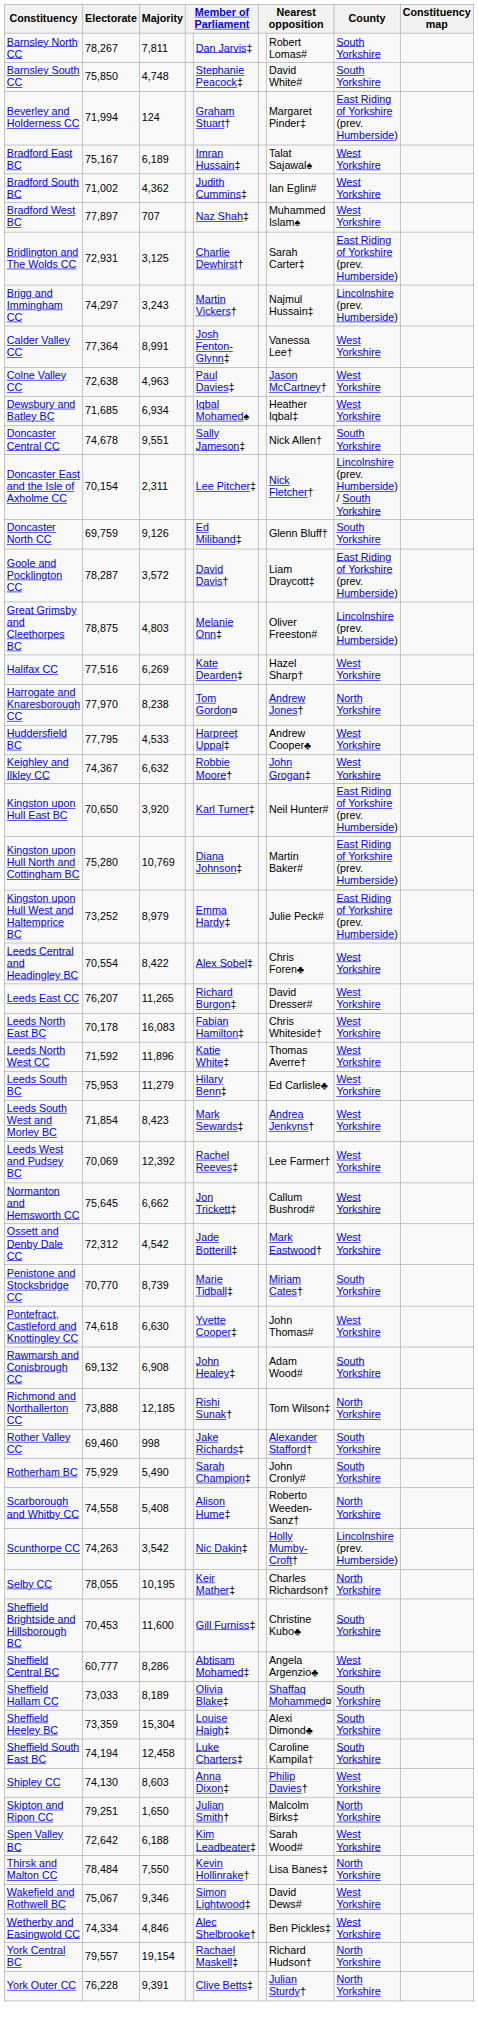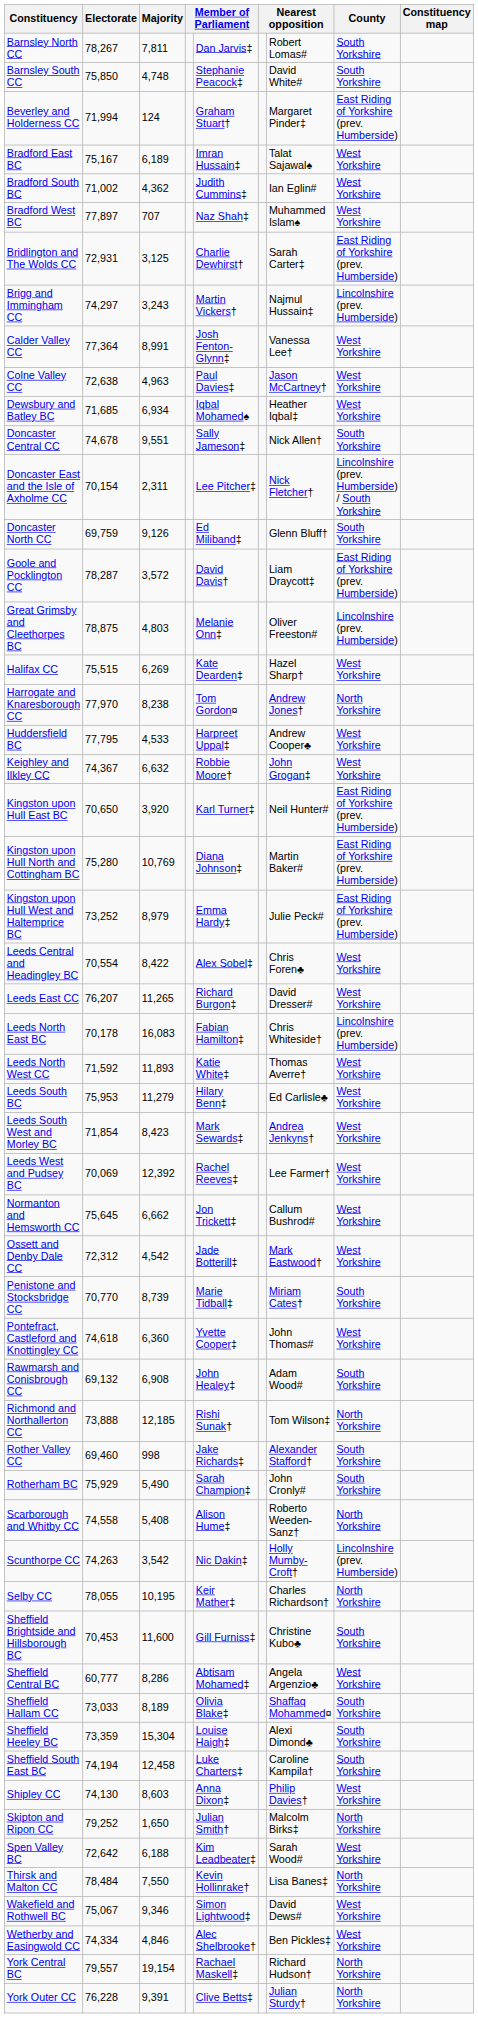 <table class="wikitable sortable">
 <tr>
 <th rowspan="1">Constituency </th>
 <th rowspan="1">Electorate</th>
 <th rowspan="1">Majority</th>
 <th colspan="2" class="unsortable"><a href='#'>Member of Parliament</a></th>
 <th colspan="2" class="unsortable">Nearest opposition</th>
 <th rowspan="1">County</th>
 <th rowspan="1" class="unsortable">Constituency map</th>
 </tr>
 <tr>
 <td><a href='#'>Barnsley North CC</a></td>
 <td>78,267</td>
 <td>7,811</td>
 <td style="color:inherit;background:"> </td>
 <td><a href='#'>Dan Jarvis</a>‡</td>
 <td style="color:inherit;background:"> </td>
 <td>Robert Lomas#</td>
 <td><a href='#'>South Yorkshire</a></td>
 <td></td>
 </tr>
 <tr>
 <td><a href='#'>Barnsley South CC</a></td>
 <td>75,850</td>
 <td>4,748</td>
 <td style="color:inherit;background:"> </td>
 <td><a href='#'>Stephanie Peacock</a>‡</td>
 <td style="color:inherit;background:"> </td>
 <td>David White#</td>
 <td><a href='#'>South Yorkshire</a></td>
 <td></td>
 </tr>
 <tr>
 <td><a href='#'>Beverley and Holderness CC</a></td>
 <td>71,994</td>
 <td>124</td>
 <td style="color:inherit;background:"> </td>
 <td><a href='#'>Graham Stuart</a>†</td>
 <td style="color:inherit;background:"> </td>
 <td>Margaret Pinder‡</td>
 <td><a href='#'>East Riding of Yorkshire</a> (prev. <a href='#'>Humberside</a>)</td>
 <td></td>
 </tr>
 <tr>
 <td><a href='#'>Bradford East BC</a></td>
 <td>75,167</td>
 <td>6,189</td>
 <td style="color:inherit;background:"></td>
 <td><a href='#'>Imran Hussain</a>‡</td>
 <td style="color:inherit;background:"></td>
 <td>Talat Sajawal♠</td>
 <td><a href='#'>West Yorkshire</a></td>
 <td></td>
 </tr>
 <tr>
 <td><a href='#'>Bradford South BC</a></td>
 <td>71,002</td>
 <td>4,362</td>
 <td style="color:inherit;background:"></td>
 <td><a href='#'>Judith Cummins</a>‡</td>
 <td style="color:inherit;background:"> </td>
 <td>Ian Eglin#</td>
 <td><a href='#'>West Yorkshire</a></td>
 <td></td>
 </tr>
 <tr>
 <td><a href='#'>Bradford West BC</a></td>
 <td>77,897</td>
 <td>707</td>
 <td style="color:inherit;background:"></td>
 <td><a href='#'>Naz Shah</a>‡</td>
 <td style="color:inherit;background:"></td>
 <td>Muhammed Islam♠</td>
 <td><a href='#'>West Yorkshire</a></td>
 <td></td>
 </tr>
 <tr>
 <td><a href='#'>Bridlington and The Wolds CC</a></td>
 <td>72,931</td>
 <td>3,125</td>
 <td style="color:inherit;background:"> </td>
 <td><a href='#'>Charlie Dewhirst</a>†</td>
 <td style="color:inherit;background:"> </td>
 <td>Sarah Carter‡</td>
 <td><a href='#'>East Riding of Yorkshire</a> (prev. <a href='#'>Humberside</a>)</td>
 <td></td>
 </tr>
 <tr>
 <td><a href='#'>Brigg and Immingham CC</a></td>
 <td>74,297</td>
 <td>3,243</td>
 <td style="color:inherit;background:"> </td>
 <td><a href='#'>Martin Vickers</a>†</td>
 <td style="color:inherit;background:"> </td>
 <td>Najmul Hussain‡</td>
 <td><a href='#'>Lincolnshire</a> (prev. <a href='#'>Humberside</a>)</td>
 <td></td>
 </tr>
 <tr>
 <td><a href='#'>Calder Valley CC</a></td>
 <td>77,364</td>
 <td>8,991</td>
 <td style="color:inherit;background:"></td>
 <td><a href='#'>Josh Fenton-Glynn</a>‡</td>
 <td style="color:inherit;background:"></td>
 <td>Vanessa Lee†</td>
 <td><a href='#'>West Yorkshire</a></td>
 <td></td>
 </tr>
 <tr>
 <td><a href='#'>Colne Valley CC</a></td>
 <td>72,638</td>
 <td>4,963</td>
 <td style="color:inherit;background:"></td>
 <td><a href='#'>Paul Davies</a>‡</td>
 <td style="color:inherit;background:"></td>
 <td><a href='#'>Jason McCartney</a>†</td>
 <td><a href='#'>West Yorkshire</a></td>
 <td></td>
 </tr>
 <tr>
 <td><a href='#'>Dewsbury and Batley BC</a></td>
 <td>71,685</td>
 <td>6,934</td>
 <td style="color:inherit;background:"></td>
 <td><a href='#'>Iqbal Mohamed</a>♠</td>
 <td style="color:inherit;background:"></td>
 <td>Heather Iqbal‡</td>
 <td><a href='#'>West Yorkshire</a></td>
 <td></td>
 </tr>
 <tr>
 <td><a href='#'>Doncaster Central CC</a></td>
 <td>74,678</td>
 <td>9,551</td>
 <td style="color:inherit;background:"> </td>
 <td><a href='#'>Sally Jameson</a>‡</td>
 <td style="color:inherit;background:"> </td>
 <td>Nick Allen†</td>
 <td><a href='#'>South Yorkshire</a></td>
 <td></td>
 </tr>
 <tr>
 <td><a href='#'>Doncaster East and the Isle of Axholme CC</a></td>
 <td>70,154</td>
 <td>2,311</td>
 <td style="color:inherit;background:"> </td>
 <td><a href='#'>Lee Pitcher</a>‡</td>
 <td style="color:inherit;background:"> </td>
 <td><a href='#'>Nick Fletcher</a>†</td>
 <td><a href='#'>Lincolnshire</a> (prev. <a href='#'>Humberside</a>) / <a href='#'>South Yorkshire</a></td>
 <td></td>
 </tr>
 <tr>
 <td><a href='#'>Doncaster North CC</a></td>
 <td>69,759</td>
 <td>9,126</td>
 <td style="color:inherit;background:"> </td>
 <td><a href='#'>Ed Miliband</a>‡</td>
 <td style="color:inherit;background:"> </td>
 <td>Glenn Bluff†</td>
 <td><a href='#'>South Yorkshire</a></td>
 <td></td>
 </tr>
 <tr>
 <td><a href='#'>Goole and Pocklington CC</a></td>
 <td>78,287</td>
 <td>3,572</td>
 <td style="color:inherit;background:"> </td>
 <td><a href='#'>David Davis</a>†</td>
 <td style="color:inherit;background:"> </td>
 <td>Liam Draycott‡</td>
 <td><a href='#'>East Riding of Yorkshire</a> (prev. <a href='#'>Humberside</a>)</td>
 <td></td>
 </tr>
 <tr>
 <td><a href='#'>Great Grimsby and Cleethorpes BC</a></td>
 <td>78,875</td>
 <td>4,803</td>
 <td style="color:inherit;background:"> </td>
 <td><a href='#'>Melanie Onn</a>‡</td>
 <td style="color:inherit;background:"> </td>
 <td>Oliver Freeston#</td>
 <td><a href='#'>Lincolnshire</a> (prev. <a href='#'>Humberside</a>)</td>
 <td></td>
 </tr>
 <tr>
 <td><a href='#'>Halifax CC</a></td>
-<td>77,516</td>
+<td>75,515</td>
 <td>6,269</td>
 <td style="color:inherit;background:"></td>
 <td><a href='#'>Kate Dearden</a>‡</td>
 <td style="color:inherit;background:"></td>
 <td>Hazel Sharp†</td>
 <td><a href='#'>West Yorkshire</a></td>
 <td></td>
 </tr>
 <tr>
 <td><a href='#'>Harrogate and Knaresborough CC</a></td>
 <td>77,970</td>
 <td>8,238</td>
 <td style="color:inherit;background:"> </td>
 <td><a href='#'>Tom Gordon</a>¤</td>
 <td style="color:inherit;background:"> </td>
 <td><a href='#'>Andrew Jones</a>†</td>
 <td><a href='#'>North Yorkshire</a></td>
 <td></td>
 </tr>
 <tr>
 <td><a href='#'>Huddersfield BC</a></td>
 <td>77,795</td>
 <td>4,533</td>
 <td style="color:inherit;background:"> </td>
 <td><a href='#'>Harpreet Uppal</a>‡</td>
 <td style="color:inherit;background:"> </td>
 <td>Andrew Cooper♣</td>
 <td><a href='#'>West Yorkshire</a></td>
 <td></td>
 </tr>
 <tr>
 <td><a href='#'>Keighley and Ilkley CC</a></td>
 <td>74,367</td>
 <td>6,632</td>
 <td style="color:inherit;background:"></td>
 <td><a href='#'>Robbie Moore</a>†</td>
 <td style="color:inherit;background:"></td>
 <td><a href='#'>John Grogan</a>‡</td>
 <td><a href='#'>West Yorkshire</a></td>
 <td></td>
 </tr>
 <tr>
 <td><a href='#'>Kingston upon Hull East BC</a></td>
 <td>70,650</td>
 <td>3,920</td>
 <td style="color:inherit;background:"> </td>
 <td><a href='#'>Karl Turner</a>‡</td>
 <td style="color:inherit;background:"> </td>
 <td>Neil Hunter#</td>
 <td><a href='#'>East Riding of Yorkshire</a> (prev. <a href='#'>Humberside</a>)</td>
 <td></td>
 </tr>
 <tr>
 <td><a href='#'>Kingston upon Hull North and Cottingham BC</a></td>
 <td>75,280</td>
 <td>10,769</td>
 <td style="color:inherit;background:"> </td>
 <td><a href='#'>Diana Johnson</a>‡</td>
 <td style="color:inherit;background:"> </td>
 <td>Martin Baker#</td>
 <td><a href='#'>East Riding of Yorkshire</a> (prev. <a href='#'>Humberside</a>)</td>
 <td></td>
 </tr>
 <tr>
 <td><a href='#'>Kingston upon Hull West and Haltemprice BC</a></td>
 <td>73,252</td>
 <td>8,979</td>
 <td style="color:inherit;background:"> </td>
 <td><a href='#'>Emma Hardy</a>‡</td>
 <td style="color:inherit;background:"> </td>
 <td>Julie Peck#</td>
 <td><a href='#'>East Riding of Yorkshire</a> (prev. <a href='#'>Humberside</a>)</td>
 <td></td>
 </tr>
 <tr>
 <td><a href='#'>Leeds Central and Headingley BC</a></td>
 <td>70,554</td>
 <td>8,422</td>
 <td style="color:inherit;background:"></td>
 <td><a href='#'>Alex Sobel</a>‡</td>
 <td style="color:inherit;background:"> </td>
 <td>Chris Foren♣</td>
 <td><a href='#'>West Yorkshire</a></td>
 <td></td>
 </tr>
 <tr>
 <td><a href='#'>Leeds East CC</a></td>
 <td>76,207</td>
 <td>11,265</td>
 <td style="color:inherit;background:"></td>
 <td><a href='#'>Richard Burgon</a>‡</td>
 <td style="color:inherit;background:"> </td>
 <td>David Dresser#</td>
 <td><a href='#'>West Yorkshire</a></td>
 <td></td>
 </tr>
 <tr>
 <td><a href='#'>Leeds North East BC</a></td>
 <td>70,178</td>
 <td>16,083</td>
 <td style="color:inherit;background:"></td>
 <td><a href='#'>Fabian Hamilton</a>‡</td>
 <td style="color:inherit;background:"></td>
 <td>Chris Whiteside†</td>
-<td><a href='#'>West Yorkshire</a></td>
+<td><a href='#'>Lincolnshire</a> (prev. <a href='#'>Humberside</a>)</td>
 <td></td>
 </tr>
 <tr>
 <td><a href='#'>Leeds North West CC</a></td>
 <td>71,592</td>
-<td>11,896</td>
+<td>11,893</td>
 <td style="color:inherit;background:"></td>
 <td><a href='#'>Katie White</a>‡</td>
 <td style="color:inherit;background:"> </td>
 <td>Thomas Averre†</td>
 <td><a href='#'>West Yorkshire</a></td>
 <td></td>
 </tr>
 <tr>
 <td><a href='#'>Leeds South BC</a></td>
 <td>75,953</td>
 <td>11,279</td>
 <td style="color:inherit;background:"></td>
 <td><a href='#'>Hilary Benn</a>‡</td>
 <td style="color:inherit;background:"> </td>
 <td>Ed Carlisle♣</td>
 <td><a href='#'>West Yorkshire</a></td>
 <td></td>
 </tr>
 <tr>
 <td><a href='#'>Leeds South West and Morley BC</a></td>
 <td>71,854</td>
 <td>8,423</td>
 <td style="color:inherit;background:"></td>
 <td><a href='#'>Mark Sewards</a>‡</td>
 <td style="color:inherit;background:"></td>
 <td><a href='#'>Andrea Jenkyns</a>†</td>
 <td><a href='#'>West Yorkshire</a></td>
 <td></td>
 </tr>
 <tr>
 <td><a href='#'>Leeds West and Pudsey BC</a></td>
 <td>70,069</td>
 <td>12,392</td>
 <td style="color:inherit;background:"> </td>
 <td><a href='#'>Rachel Reeves</a>‡</td>
 <td style="color:inherit;background:"></td>
 <td>Lee Farmer†</td>
 <td><a href='#'>West Yorkshire</a></td>
 <td></td>
 </tr>
 <tr>
 <td><a href='#'>Normanton and Hemsworth CC</a></td>
 <td>75,645</td>
 <td>6,662</td>
 <td style="color:inherit;background:"></td>
 <td><a href='#'>Jon Trickett</a>‡</td>
 <td style="color:inherit;background:"> </td>
 <td>Callum Bushrod#</td>
 <td><a href='#'>West Yorkshire</a></td>
 <td></td>
 </tr>
 <tr>
 <td><a href='#'>Ossett and Denby Dale CC</a></td>
 <td>72,312</td>
 <td>4,542</td>
 <td style="color:inherit;background:"></td>
 <td><a href='#'>Jade Botterill</a>‡</td>
 <td style="color:inherit;background:"></td>
 <td><a href='#'>Mark Eastwood</a>†</td>
 <td><a href='#'>West Yorkshire</a></td>
 <td></td>
 </tr>
 <tr>
 <td><a href='#'>Penistone and Stocksbridge CC</a></td>
 <td>70,770</td>
 <td>8,739</td>
 <td style="color:inherit;background:"> </td>
 <td><a href='#'>Marie Tidball</a>‡</td>
 <td style="color:inherit;background:"> </td>
 <td><a href='#'>Miriam Cates</a>†</td>
 <td><a href='#'>South Yorkshire</a></td>
 <td></td>
 </tr>
 <tr>
 <td><a href='#'>Pontefract, Castleford and Knottingley CC</a></td>
 <td>74,618</td>
-<td>6,630</td>
+<td>6,360</td>
 <td style="color:inherit;background:"></td>
 <td><a href='#'>Yvette Cooper</a>‡</td>
 <td style="color:inherit;background:"> </td>
 <td>John Thomas#</td>
 <td><a href='#'>West Yorkshire</a></td>
 <td></td>
 </tr>
 <tr>
 <td><a href='#'>Rawmarsh and Conisbrough CC</a></td>
 <td>69,132</td>
 <td>6,908</td>
 <td style="color:inherit;background:"> </td>
 <td><a href='#'>John Healey</a>‡</td>
 <td style="color:inherit;background:"> </td>
 <td>Adam Wood#</td>
 <td><a href='#'>South Yorkshire</a></td>
 <td></td>
 </tr>
 <tr>
 <td><a href='#'>Richmond and Northallerton CC</a></td>
 <td>73,888</td>
 <td>12,185</td>
 <td style="color:inherit;background:"> </td>
 <td><a href='#'>Rishi Sunak</a>†</td>
 <td style="color:inherit;background:"> </td>
 <td>Tom Wilson‡</td>
 <td><a href='#'>North Yorkshire</a></td>
 <td></td>
 </tr>
 <tr>
 <td><a href='#'>Rother Valley CC</a></td>
 <td>69,460</td>
 <td>998</td>
 <td style="color:inherit;background:"> </td>
 <td><a href='#'>Jake Richards</a>‡</td>
 <td style="color:inherit;background:"> </td>
 <td><a href='#'>Alexander Stafford</a>†</td>
 <td><a href='#'>South Yorkshire</a></td>
 <td></td>
 </tr>
 <tr>
 <td><a href='#'>Rotherham BC</a></td>
 <td>75,929</td>
 <td>5,490</td>
 <td style="color:inherit;background:"> </td>
 <td><a href='#'>Sarah Champion</a>‡</td>
 <td style="color:inherit;background:"> </td>
 <td>John Cronly#</td>
 <td><a href='#'>South Yorkshire</a></td>
 <td></td>
 </tr>
 <tr>
 <td><a href='#'>Scarborough and Whitby CC</a></td>
 <td>74,558</td>
 <td>5,408</td>
 <td style="color:inherit;background:"> </td>
 <td><a href='#'>Alison Hume</a>‡</td>
 <td style="color:inherit;background:"> </td>
 <td>Roberto Weeden-Sanz†</td>
 <td><a href='#'>North Yorkshire</a></td>
 <td></td>
 </tr>
 <tr>
 <td><a href='#'>Scunthorpe CC</a></td>
 <td>74,263</td>
 <td>3,542</td>
 <td style="color:inherit;background:"> </td>
 <td><a href='#'>Nic Dakin</a>‡</td>
 <td style="color:inherit;background:"> </td>
 <td><a href='#'>Holly Mumby-Croft</a>†</td>
 <td><a href='#'>Lincolnshire</a> (prev. <a href='#'>Humberside</a>)</td>
 <td></td>
 </tr>
 <tr>
 <td><a href='#'>Selby CC</a></td>
 <td>78,055</td>
 <td>10,195</td>
 <td style="color:inherit;background:"> </td>
 <td><a href='#'>Keir Mather</a>‡</td>
 <td style="color:inherit;background:"> </td>
 <td>Charles Richardson†</td>
 <td><a href='#'>North Yorkshire</a></td>
 <td></td>
 </tr>
 <tr>
 <td><a href='#'>Sheffield Brightside and Hillsborough BC</a></td>
 <td>70,453</td>
 <td>11,600</td>
 <td style="color:inherit;background:"> </td>
 <td><a href='#'>Gill Furniss</a>‡</td>
 <td style="color:inherit;background:"> </td>
 <td>Christine Kubo♣</td>
 <td><a href='#'>South Yorkshire</a></td>
 <td></td>
 </tr>
 <tr>
 <td><a href='#'>Sheffield Central BC</a></td>
 <td>60,777</td>
 <td>8,286</td>
 <td style="color:inherit;background:"> </td>
 <td><a href='#'>Abtisam Mohamed</a>‡</td>
 <td style="color:inherit;background:"> </td>
 <td>Angela Argenzio♣</td>
 <td><a href='#'>West Yorkshire</a></td>
 <td></td>
 </tr>
 <tr>
 <td><a href='#'>Sheffield Hallam CC</a></td>
 <td>73,033</td>
 <td>8,189</td>
 <td style="color:inherit;background:"></td>
 <td><a href='#'>Olivia Blake</a>‡</td>
 <td style="color:inherit;background:"> </td>
 <td><a href='#'>Shaffaq Mohammed</a>¤</td>
 <td><a href='#'>South Yorkshire</a></td>
 <td></td>
 </tr>
 <tr>
 <td><a href='#'>Sheffield Heeley BC</a></td>
 <td>73,359</td>
 <td>15,304</td>
 <td style="color:inherit;background:"> </td>
 <td><a href='#'>Louise Haigh</a>‡</td>
 <td style="color:inherit;background:"> </td>
 <td>Alexi Dimond♣</td>
 <td><a href='#'>South Yorkshire</a></td>
 <td></td>
 </tr>
 <tr>
 <td><a href='#'>Sheffield South East BC</a></td>
 <td>74,194</td>
 <td>12,458</td>
 <td style="color:inherit;background:"> </td>
 <td><a href='#'>Luke Charters</a>‡</td>
 <td style="color:inherit;background:"> </td>
 <td>Caroline Kampila†</td>
 <td><a href='#'>South Yorkshire</a></td>
 <td></td>
 </tr>
 <tr>
 <td><a href='#'>Shipley CC</a></td>
 <td>74,130</td>
 <td>8,603</td>
 <td style="color:inherit;background:"> </td>
 <td><a href='#'>Anna Dixon</a>‡</td>
 <td style="color:inherit;background:"> </td>
 <td><a href='#'>Philip Davies</a>†</td>
 <td><a href='#'>West Yorkshire</a></td>
 <td></td>
 </tr>
 <tr>
 <td><a href='#'>Skipton and Ripon CC</a></td>
-<td>79,251</td>
+<td>79,252</td>
 <td>1,650</td>
 <td style="color:inherit;background:"> </td>
 <td><a href='#'>Julian Smith</a>†</td>
 <td style="color:inherit;background:"> </td>
 <td>Malcolm Birks‡</td>
 <td><a href='#'>North Yorkshire</a></td>
 <td></td>
 </tr>
 <tr>
 <td><a href='#'>Spen Valley BC</a></td>
 <td>72,642</td>
 <td>6,188</td>
 <td style="color:inherit;background:"> </td>
 <td><a href='#'>Kim Leadbeater</a>‡</td>
 <td style="color:inherit;background:"> </td>
 <td>Sarah Wood#</td>
 <td><a href='#'>West Yorkshire</a></td>
 <td></td>
 </tr>
 <tr>
 <td><a href='#'>Thirsk and Malton CC</a></td>
 <td>78,484</td>
 <td>7,550</td>
 <td style="color:inherit;background:"> </td>
 <td><a href='#'>Kevin Hollinrake</a>†</td>
 <td style="color:inherit;background:"> </td>
 <td>Lisa Banes‡</td>
 <td><a href='#'>North Yorkshire</a></td>
 <td></td>
 </tr>
 <tr>
 <td><a href='#'>Wakefield and Rothwell BC</a></td>
 <td>75,067</td>
 <td>9,346</td>
 <td style="color:inherit;background:"> </td>
 <td><a href='#'>Simon Lightwood</a>‡</td>
 <td style="color:inherit;background:"> </td>
 <td>David Dews#</td>
 <td><a href='#'>West Yorkshire</a></td>
 <td></td>
 </tr>
 <tr>
 <td><a href='#'>Wetherby and Easingwold CC</a></td>
 <td>74,334</td>
 <td>4,846</td>
 <td style="color:inherit;background:"></td>
 <td><a href='#'>Alec Shelbrooke</a>†</td>
 <td style="color:inherit;background:"></td>
 <td>Ben Pickles‡</td>
 <td><a href='#'>West Yorkshire</a></td>
 <td></td>
 </tr>
 <tr>
 <td><a href='#'>York Central BC</a></td>
 <td>79,557</td>
 <td>19,154</td>
 <td style="color:inherit;background:"> </td>
 <td><a href='#'>Rachael Maskell</a>‡</td>
 <td style="color:inherit;background:"> </td>
 <td>Richard Hudson†</td>
 <td><a href='#'>North Yorkshire</a></td>
 <td></td>
 </tr>
 <tr>
 <td><a href='#'>York Outer CC</a></td>
 <td>76,228</td>
 <td>9,391</td>
 <td style="color:inherit;background:"> </td>
 <td><a href='#'>Clive Betts</a>‡</td>
 <td style="color:inherit;background:"> </td>
 <td><a href='#'>Julian Sturdy</a>†</td>
 <td><a href='#'>North Yorkshire</a></td>
 <td></td>
 </tr>
 </table>
